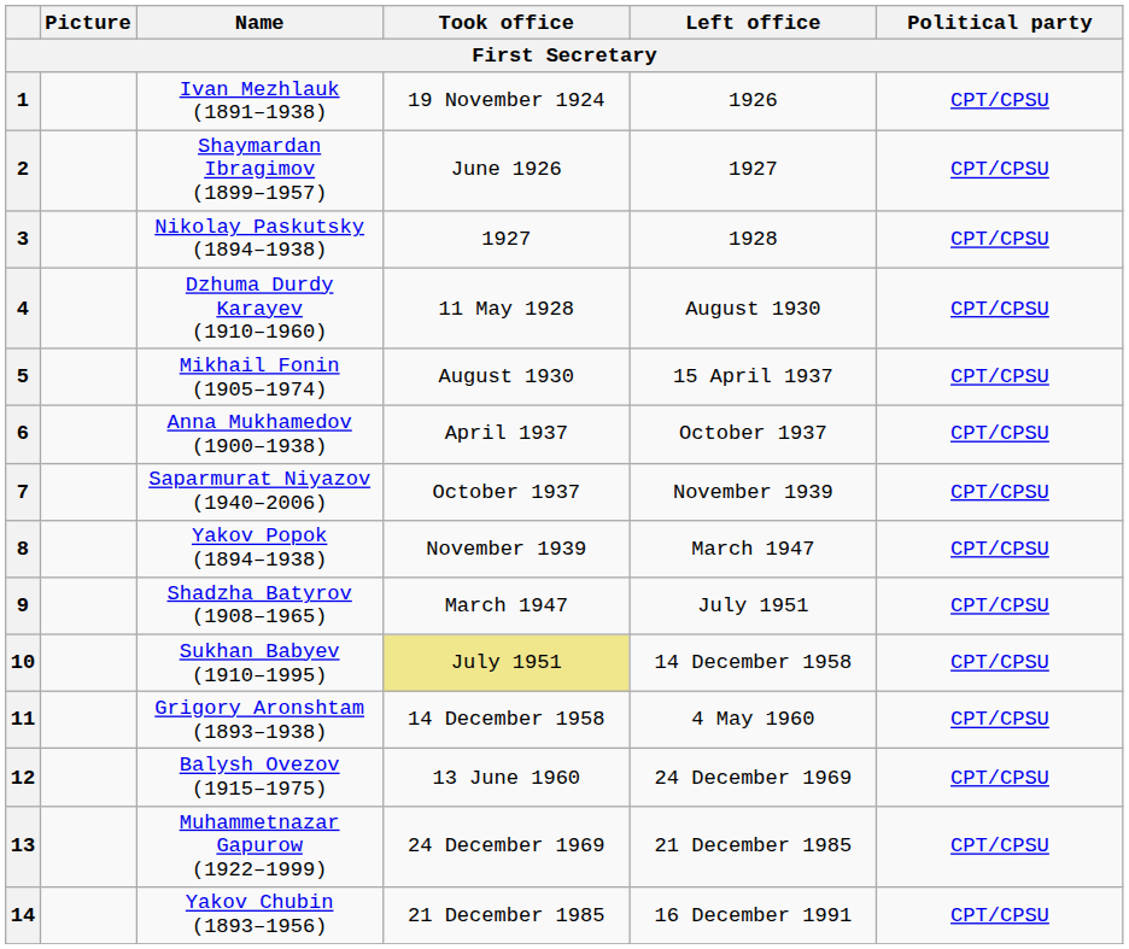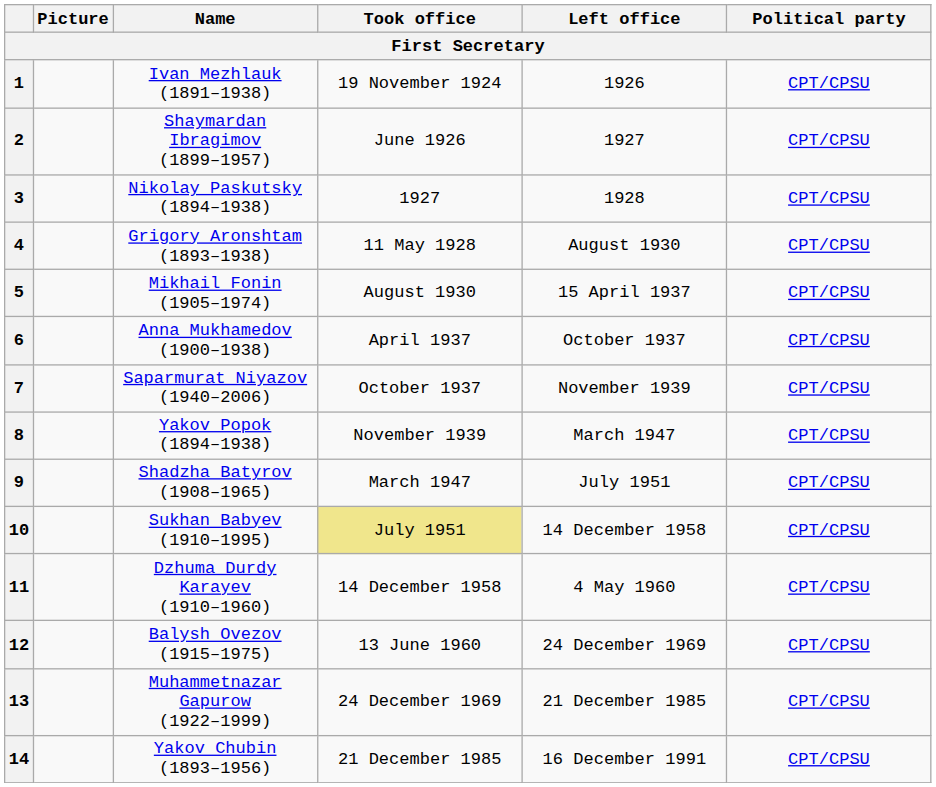 <table class="wikitable" style="text-align:center">
 <tr>
 <th></th>
 <th>Picture</th>
 <th width="150">Name<br></th>
 <th width="150">Took office</th>
 <th width="150">Left office</th>
 <th width="150">Political party</th>
 </tr>
 <tr>
 <th colspan="6" align="center">First Secretary</th>
 </tr>
 <tr>
 <th style="background:">1</th>
 <td></td>
 <td><a href='#'>Ivan Mezhlauk</a><br>(1891–1938)</td>
 <td>19 November 1924</td>
 <td>1926</td>
 <td><a href='#'>CPT/CPSU</a></td>
 </tr>
 <tr>
 <th style="background:">2</th>
 <td></td>
 <td><a href='#'>Shaymardan Ibragimov</a><br>(1899–1957)</td>
 <td>June 1926</td>
 <td>1927</td>
 <td><a href='#'>CPT/CPSU</a></td>
 </tr>
 <tr>
 <th style="background:">3</th>
 <td></td>
 <td><a href='#'>Nikolay Paskutsky</a><br>(1894–1938)</td>
 <td>1927</td>
 <td>1928</td>
 <td><a href='#'>CPT/CPSU</a></td>
 </tr>
 <tr>
 <th style="background:">4</th>
 <td></td>
-<td><a href='#'>Dzhuma Durdy Karayev</a><br>(1910–1960)</td>
+<td><a href='#'>Grigory Aronshtam</a><br>(1893–1938)</td>
 <td>11 May 1928</td>
 <td>August 1930</td>
 <td><a href='#'>CPT/CPSU</a></td>
 </tr>
 <tr>
 <th style="background:">5</th>
 <td></td>
 <td><a href='#'>Mikhail Fonin</a><br>(1905–1974)</td>
 <td>August 1930</td>
 <td>15 April 1937</td>
 <td><a href='#'>CPT/CPSU</a></td>
 </tr>
 <tr>
 <th style="background:">6</th>
 <td></td>
 <td><a href='#'>Anna Mukhamedov</a><br>(1900–1938)</td>
 <td>April 1937</td>
 <td>October 1937</td>
 <td><a href='#'>CPT/CPSU</a></td>
 </tr>
 <tr>
 <th style="background:">7</th>
 <td></td>
 <td><a href='#'>Saparmurat Niyazov</a><br>(1940–2006)</td>
 <td>October 1937</td>
 <td>November 1939</td>
 <td><a href='#'>CPT/CPSU</a></td>
 </tr>
 <tr>
 <th style="background:">8</th>
 <td></td>
 <td><a href='#'>Yakov Popok</a><br>(1894–1938)</td>
 <td>November 1939</td>
 <td>March 1947</td>
 <td><a href='#'>CPT/CPSU</a></td>
 </tr>
 <tr>
 <th style="background:">9</th>
 <td></td>
 <td><a href='#'>Shadzha Batyrov</a><br>(1908–1965)</td>
 <td>March 1947</td>
 <td>July 1951</td>
 <td><a href='#'>CPT/CPSU</a></td>
 </tr>
 <tr>
 <th style="background:">10</th>
 <td></td>
 <td><a href='#'>Sukhan Babyev</a><br>(1910–1995)</td>
 <td style="background: khaki;">July 1951</td>
 <td>14 December 1958</td>
 <td><a href='#'>CPT/CPSU</a></td>
 </tr>
 <tr>
 <th style="background:">11</th>
 <td></td>
-<td><a href='#'>Grigory Aronshtam</a><br>(1893–1938)</td>
+<td><a href='#'>Dzhuma Durdy Karayev</a><br>(1910–1960)</td>
 <td>14 December 1958</td>
 <td>4 May 1960</td>
 <td><a href='#'>CPT/CPSU</a></td>
 </tr>
 <tr>
 <th style="background:">12</th>
 <td></td>
 <td><a href='#'>Balysh Ovezov</a><br>(1915–1975)</td>
 <td>13 June 1960</td>
 <td>24 December 1969</td>
 <td><a href='#'>CPT/CPSU</a></td>
 </tr>
 <tr>
 <th style="background:">13</th>
 <td></td>
 <td><a href='#'>Muhammetnazar Gapurow</a><br>(1922–1999)</td>
 <td>24 December 1969</td>
 <td>21 December 1985</td>
 <td><a href='#'>CPT/CPSU</a></td>
 </tr>
 <tr>
 <th style="background:">14</th>
 <td></td>
 <td><a href='#'>Yakov Chubin</a><br>(1893–1956)</td>
 <td>21 December 1985</td>
 <td>16 December 1991</td>
 <td><a href='#'>CPT/CPSU</a></td>
 </tr>
 </table>
